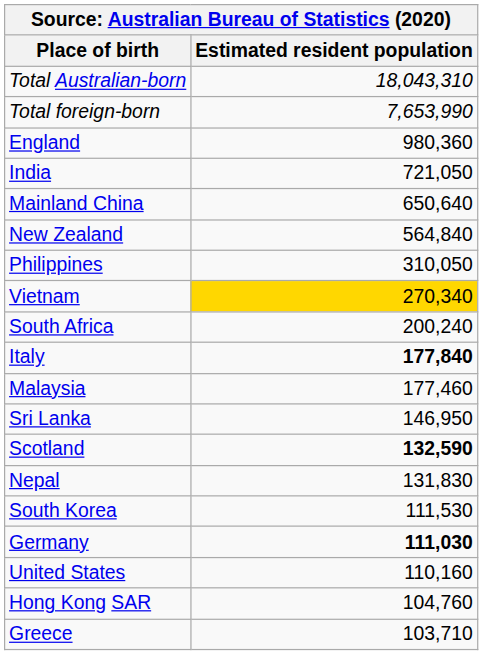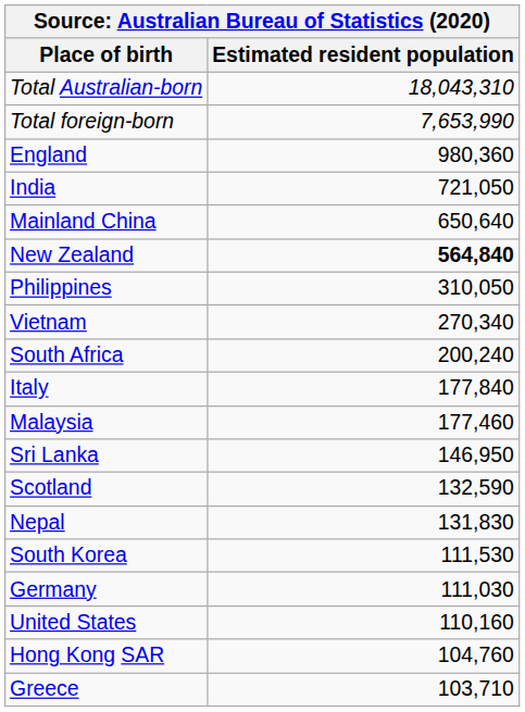 <table class="wikitable plainrowheaders" style="text-align:right">
 <tr>
 <th scope="col" colspan="2">Source: <a href='#'>Australian Bureau of Statistics</a> (2020)</th>
 </tr>
 <tr>
 <th scope="col">Place of birth</th>
 <th scope="col">Estimated resident population</th>
 </tr>
 <tr>
 <td scope="row" style="text-align:left;"><em>Total <a href='#'>Australian-born</a></em></td>
 <td><em>18,043,310</em></td>
 </tr>
 <tr>
 <td scope="row" style="text-align:left;"><em>Total foreign-born</em></td>
 <td><em>7,653,990</em></td>
 </tr>
 <tr>
 <td scope="row" style="text-align:left;"> <a href='#'>England</a></td>
 <td>980,360</td>
 </tr>
 <tr>
 <td scope="row" style="text-align:left;"> <a href='#'>India</a></td>
 <td>721,050</td>
 </tr>
 <tr>
 <td scope="row" style="text-align:left;"> <a href='#'>Mainland China</a></td>
 <td>650,640</td>
 </tr>
 <tr>
 <td scope="row" style="text-align:left;"> <a href='#'>New Zealand</a></td>
-<td>564,840</td>
+<td><strong>564,840</strong></td>
 </tr>
 <tr>
 <td scope="row" style="text-align:left;"> <a href='#'>Philippines</a></td>
 <td>310,050</td>
 </tr>
 <tr>
 <td scope="row" style="text-align:left;"> <a href='#'>Vietnam</a></td>
-<td style="background: gold;">270,340</td>
+<td>270,340</td>
 </tr>
 <tr>
 <td scope="row" style="text-align:left;"> <a href='#'>South Africa</a></td>
 <td>200,240</td>
 </tr>
 <tr>
 <td scope="row" style="text-align:left;"> <a href='#'>Italy</a></td>
-<td><strong>177,840</strong></td>
+<td>177,840</td>
 </tr>
 <tr>
 <td scope="row" style="text-align:left;"> <a href='#'>Malaysia</a></td>
 <td>177,460</td>
 </tr>
 <tr>
 <td scope="row" style="text-align:left;"> <a href='#'>Sri Lanka</a></td>
 <td>146,950</td>
 </tr>
 <tr>
 <td scope="row" style="text-align:left;"> <a href='#'>Scotland</a></td>
-<td><strong>132,590</strong></td>
+<td>132,590</td>
 </tr>
 <tr>
 <td scope="row" style="text-align:left;"> <a href='#'>Nepal</a></td>
 <td>131,830</td>
 </tr>
 <tr>
 <td scope="row" style="text-align:left;"> <a href='#'>South Korea</a></td>
 <td>111,530</td>
 </tr>
 <tr>
 <td scope="row" style="text-align:left;"> <a href='#'>Germany</a></td>
-<td><strong>111,030</strong></td>
+<td>111,030</td>
 </tr>
 <tr>
 <td scope="row" style="text-align:left;"> <a href='#'>United States</a></td>
 <td>110,160</td>
 </tr>
 <tr>
 <td scope="row" style="text-align:left;"> <a href='#'>Hong Kong</a> <a href='#'>SAR</a></td>
 <td>104,760</td>
 </tr>
 <tr>
 <td scope="row" style="text-align:left;"> <a href='#'>Greece</a></td>
 <td>103,710</td>
 </tr>
 </table>
